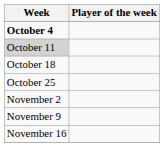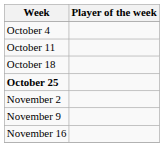 <table class="wikitable">
 <tr>
 <th>Week</th>
 <th>Player of the week</th>
 </tr>
 <tr>
 </tr>
 <tr>
-<td><strong>October 4</strong></td>
+<td>October 4</td>
 <td></td>
 </tr>
 <tr>
-<td style="background: lightgrey;">October 11</td>
+<td>October 11</td>
 <td></td>
 </tr>
 <tr>
 <td>October 18</td>
 <td></td>
 </tr>
 <tr>
-<td>October 25</td>
+<td><strong>October 25</strong></td>
 <td></td>
 </tr>
 <tr>
 <td>November 2</td>
 <td></td>
 </tr>
 <tr>
 <td>November 9</td>
 <td></td>
 </tr>
 <tr>
 <td>November 16</td>
 <td></td>
 </tr>
 <tr>
 </tr>
 </table>
